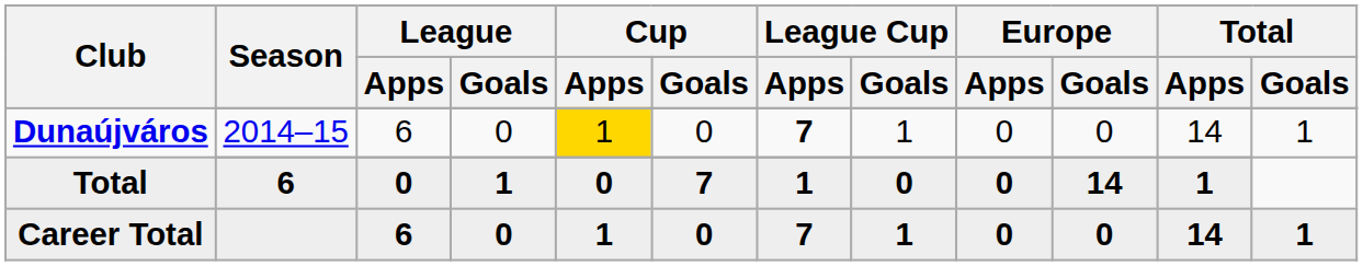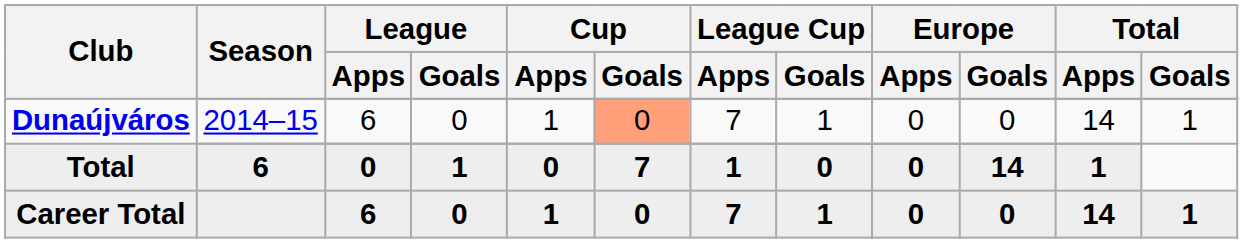 <table class="wikitable" style="font-size:90%; text-align: center;">
 <tr>
 <th rowspan="2">Club</th>
 <th rowspan="2">Season</th>
 <th colspan="2">League</th>
 <th colspan="2">Cup</th>
 <th colspan="2">League Cup</th>
 <th colspan="2">Europe</th>
 <th colspan="2">Total</th>
 </tr>
 <tr>
 <th>Apps</th>
 <th>Goals</th>
 <th>Apps</th>
 <th>Goals</th>
 <th>Apps</th>
 <th>Goals</th>
 <th>Apps</th>
 <th>Goals</th>
 <th>Apps</th>
 <th>Goals</th>
 </tr>
 <tr ||-||-||-|->
 <td rowspan="3" valign="center"><strong><a href='#'>Dunaújváros</a></strong></td>
 </tr>
 <tr>
 <td><a href='#'>2014–15</a></td>
 <td>6</td>
 <td>0</td>
-<td style="background: gold;">1</td>
-<td>0</td>
-<td><strong>7</strong></td>
+<td>1</td>
+<td style="background: lightsalmon;">0</td>
+<td>7</td>
 <td>1</td>
 <td>0</td>
 <td>0</td>
 <td>14</td>
 <td>1</td>
 </tr>
 <tr>
 </tr>
 <tr style="font-weight:bold; background-color:#eeeeee;">
 <td>Total</td>
 <td>6</td>
 <td>0</td>
 <td>1</td>
 <td>0</td>
 <td>7</td>
 <td>1</td>
 <td>0</td>
 <td>0</td>
 <td>14</td>
 <td>1</td>
 </tr>
 <tr style="font-weight:bold; background-color:#eeeeee;">
 <td rowspan="1" valign="top"><strong>Career Total</strong></td>
 <td></td>
 <td><strong>6</strong></td>
 <td><strong>0</strong></td>
 <td><strong>1</strong></td>
 <td><strong>0</strong></td>
 <td><strong>7</strong></td>
 <td><strong>1</strong></td>
 <td><strong>0</strong></td>
 <td><strong>0</strong></td>
 <td><strong>14</strong></td>
 <td><strong>1</strong></td>
 </tr>
 </table>
